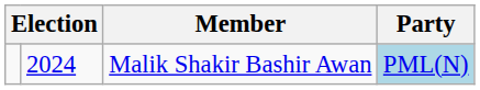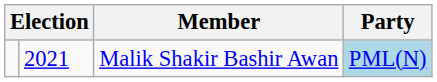 <table class="wikitable">
 <tr>
 <th colspan="2">Election</th>
 <th>Member</th>
 <th>Party</th>
 </tr>
 <tr>
 <td style="background-color: "></td>
-<td><a href='#'>2024</a></td>
+<td><a href='#'>2021</a></td>
 <td><a href='#'>Malik Shakir Bashir Awan</a></td>
 <td style="background: lightblue;"><a href='#'>PML(N)</a></td>
 </tr>
 </table>
